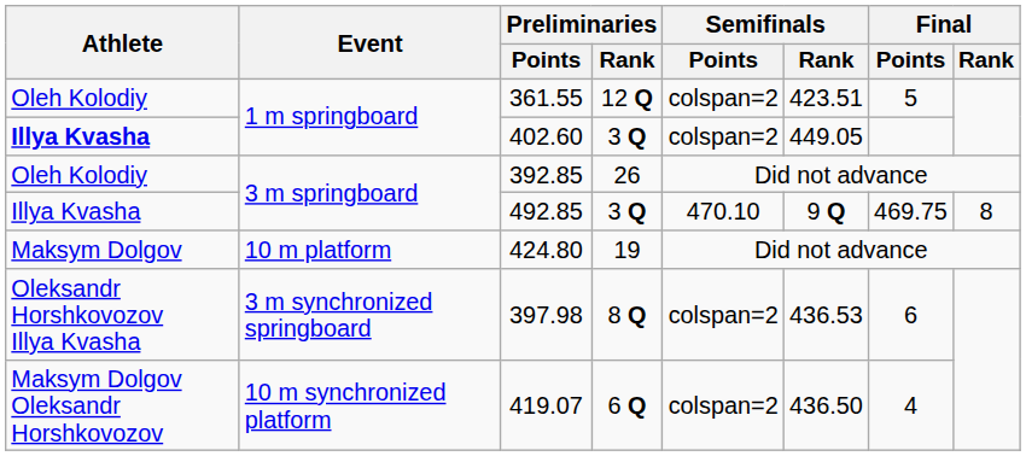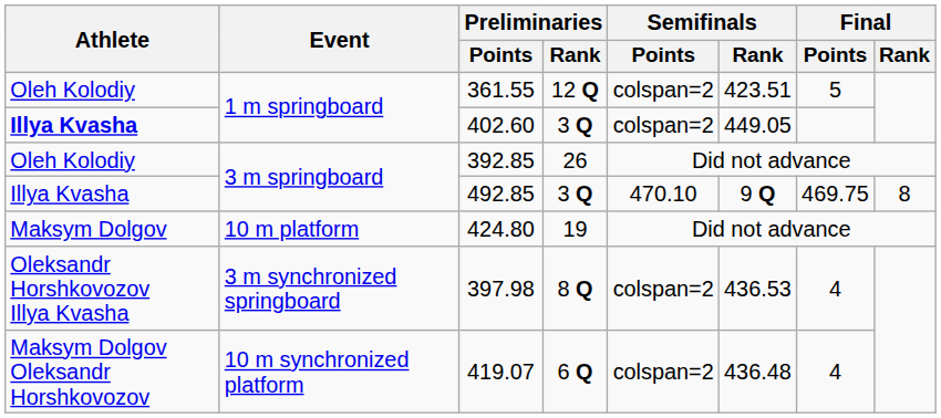 <table class=wikitable style="font-size:90%;">
 <tr>
 <th rowspan="2">Athlete</th>
 <th rowspan="2">Event</th>
 <th colspan="2">Preliminaries</th>
 <th colspan="2">Semifinals</th>
 <th colspan="2">Final</th>
 </tr>
 <tr style="font-size:95%">
 <th>Points</th>
 <th>Rank</th>
 <th>Points</th>
 <th>Rank</th>
 <th>Points</th>
 <th>Rank</th>
 </tr>
 <tr align=center>
 <td align=left><a href='#'>Oleh Kolodiy</a></td>
 <td align=left rowspan=2><a href='#'>1 m springboard</a></td>
 <td>361.55</td>
 <td>12 <strong>Q</strong></td>
 <td>colspan=2 </td>
 <td>423.51</td>
 <td>5</td>
 </tr>
 <tr align=center>
 <td align=left><strong><a href='#'>Illya Kvasha</a></strong></td>
 <td>402.60</td>
 <td>3 <strong>Q</strong></td>
 <td>colspan=2 </td>
 <td>449.05</td>
 <td></td>
 </tr>
 <tr align=center>
 <td align=left><a href='#'>Oleh Kolodiy</a></td>
 <td align=left rowspan=2><a href='#'>3 m springboard</a></td>
 <td>392.85</td>
 <td>26</td>
 <td colspan=4>Did not advance</td>
 </tr>
 <tr align=center>
 <td align=left><a href='#'>Illya Kvasha</a></td>
 <td>492.85</td>
 <td>3 <strong>Q</strong></td>
 <td>470.10</td>
 <td>9 <strong>Q</strong></td>
 <td>469.75</td>
 <td>8</td>
 </tr>
 <tr align=center>
 <td align=left><a href='#'>Maksym Dolgov</a></td>
 <td align=left><a href='#'>10 m platform</a></td>
 <td>424.80</td>
 <td>19</td>
 <td colspan=4>Did not advance</td>
 </tr>
 <tr align=center>
 <td align=left><a href='#'>Oleksandr Horshkovozov</a><br><a href='#'>Illya Kvasha</a></td>
 <td align=left><a href='#'>3 m synchronized springboard</a></td>
 <td>397.98</td>
 <td>8 <strong>Q</strong></td>
 <td>colspan=2 </td>
 <td>436.53</td>
-<td>6</td>
+<td>4</td>
 </tr>
 <tr align=center>
 <td align=left><a href='#'>Maksym Dolgov</a><br><a href='#'>Oleksandr Horshkovozov</a></td>
 <td align=left><a href='#'>10 m synchronized platform</a></td>
 <td>419.07</td>
 <td>6 <strong>Q</strong></td>
 <td>colspan=2 </td>
-<td>436.50</td>
+<td>436.48</td>
 <td>4</td>
 </tr>
 </table>
